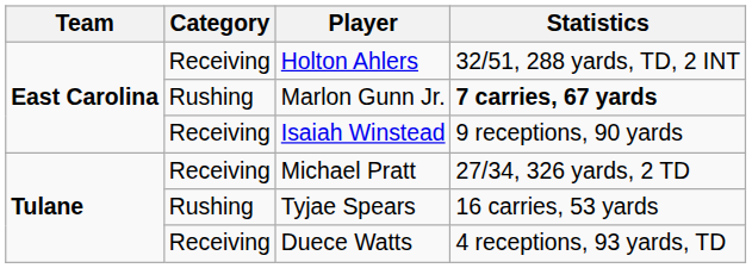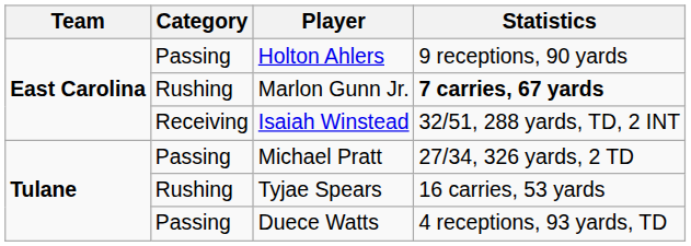 <table class="wikitable" style="float: right;">
 <tr>
 <th>Team</th>
 <th>Category</th>
 <th>Player</th>
 <th>Statistics</th>
 </tr>
 <tr>
 <td rowspan=3><strong>East Carolina</strong></td>
-<td>Receiving</td>
+<td>Passing</td>
 <td><a href='#'>Holton Ahlers</a></td>
-<td>32/51, 288 yards, TD, 2 INT</td>
+<td>9 receptions, 90 yards</td>
 </tr>
 <tr>
 <td>Rushing</td>
 <td>Marlon Gunn Jr.</td>
 <td><strong>7 carries, 67 yards</strong></td>
 </tr>
 <tr>
 <td>Receiving</td>
 <td><a href='#'>Isaiah Winstead</a></td>
-<td>9 receptions, 90 yards</td>
+<td>32/51, 288 yards, TD, 2 INT</td>
 </tr>
 <tr>
 <td rowspan=3><strong>Tulane</strong></td>
-<td>Receiving</td>
+<td>Passing</td>
 <td>Michael Pratt</td>
 <td>27/34, 326 yards, 2 TD</td>
 </tr>
 <tr>
 <td>Rushing</td>
 <td>Tyjae Spears</td>
 <td>16 carries, 53 yards</td>
 </tr>
 <tr>
-<td>Receiving</td>
+<td>Passing</td>
 <td>Duece Watts</td>
 <td>4 receptions, 93 yards, TD</td>
 </tr>
 </table>
